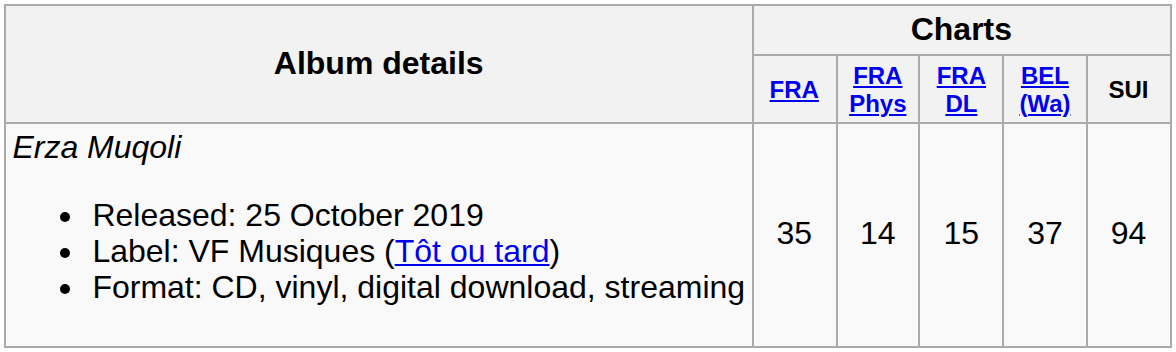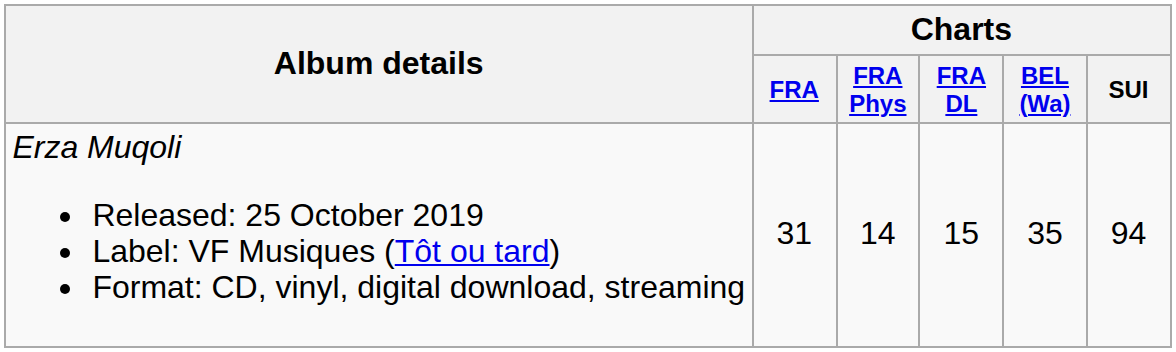 <table class="wikitable">
 <tr>
 <th rowspan="2">Album details</th>
 <th colspan="5">Charts</th>
 </tr>
 <tr>
 <th style="width:3em;font-size:75%"><a href='#'>FRA</a><br></th>
 <th style="width:3em;font-size:75%"><a href='#'>FRA<br>Phys</a><br></th>
 <th style="width:3em;font-size:75%"><a href='#'>FRA<br>DL</a><br></th>
 <th style="width:3em;font-size:75%"><a href='#'>BEL<br>(Wa)</a><br></th>
 <th style="width:3em;font-size:75%">SUI<br></th>
 </tr>
 <tr>
 <td><em>Erza Muqoli</em><br><ul><li>Released: 25 October 2019</li><li>Label: VF Musiques (<a href='#'>Tôt ou tard</a>)</li><li>Format: CD, vinyl, digital download, streaming</li></ul></td>
-<td align="center">35</td>
+<td align="center">31</td>
 <td align="center">14</td>
 <td align="center">15</td>
-<td align="center">37</td>
+<td align="center">35</td>
 <td align="center">94</td>
 </tr>
 </table>
